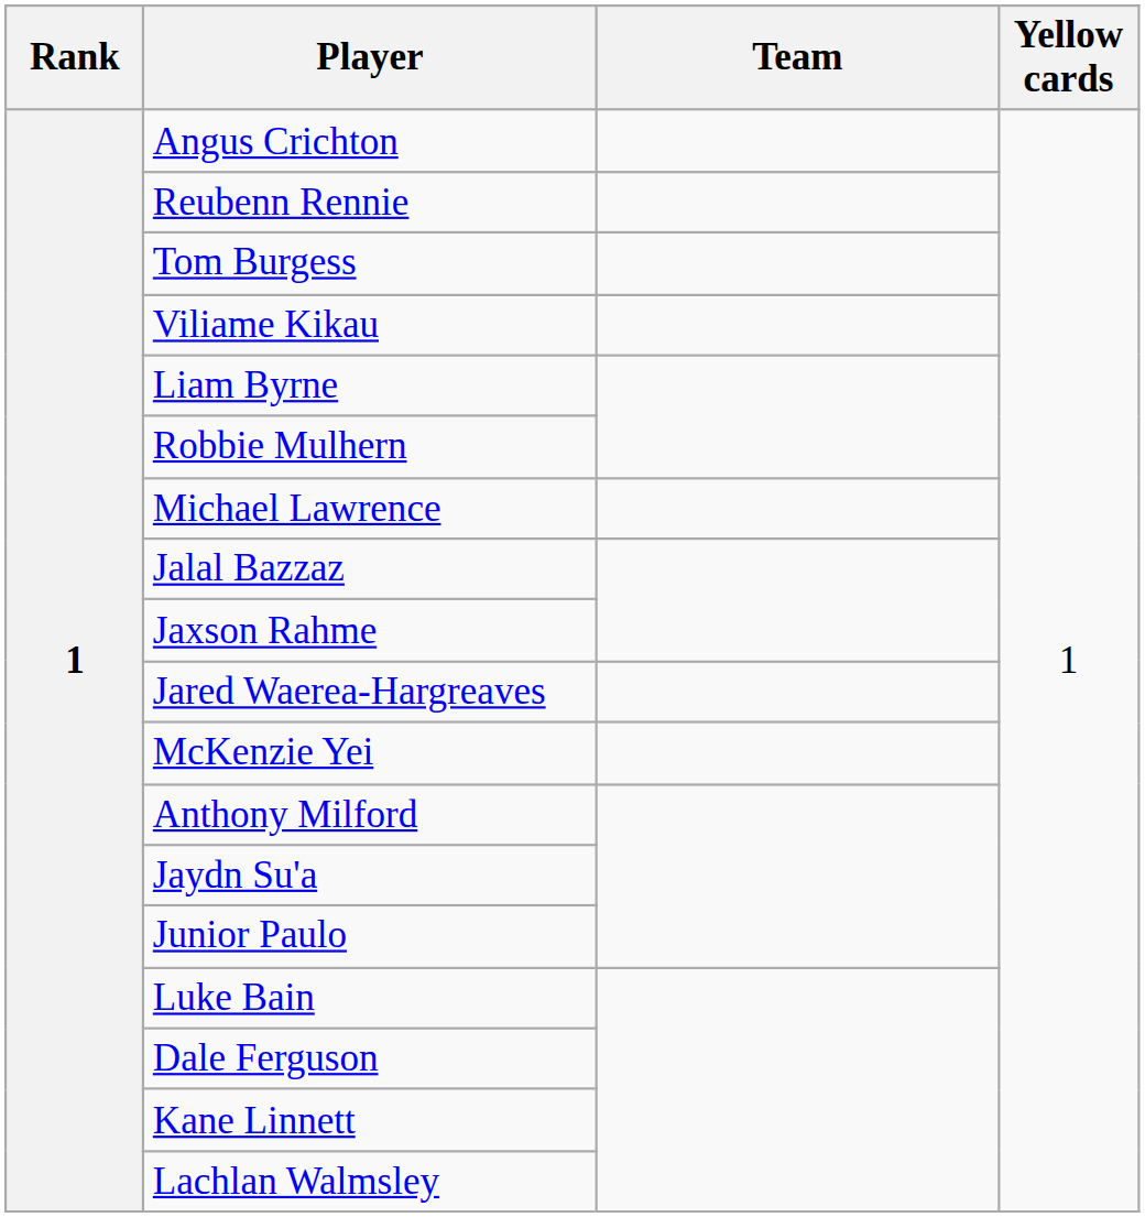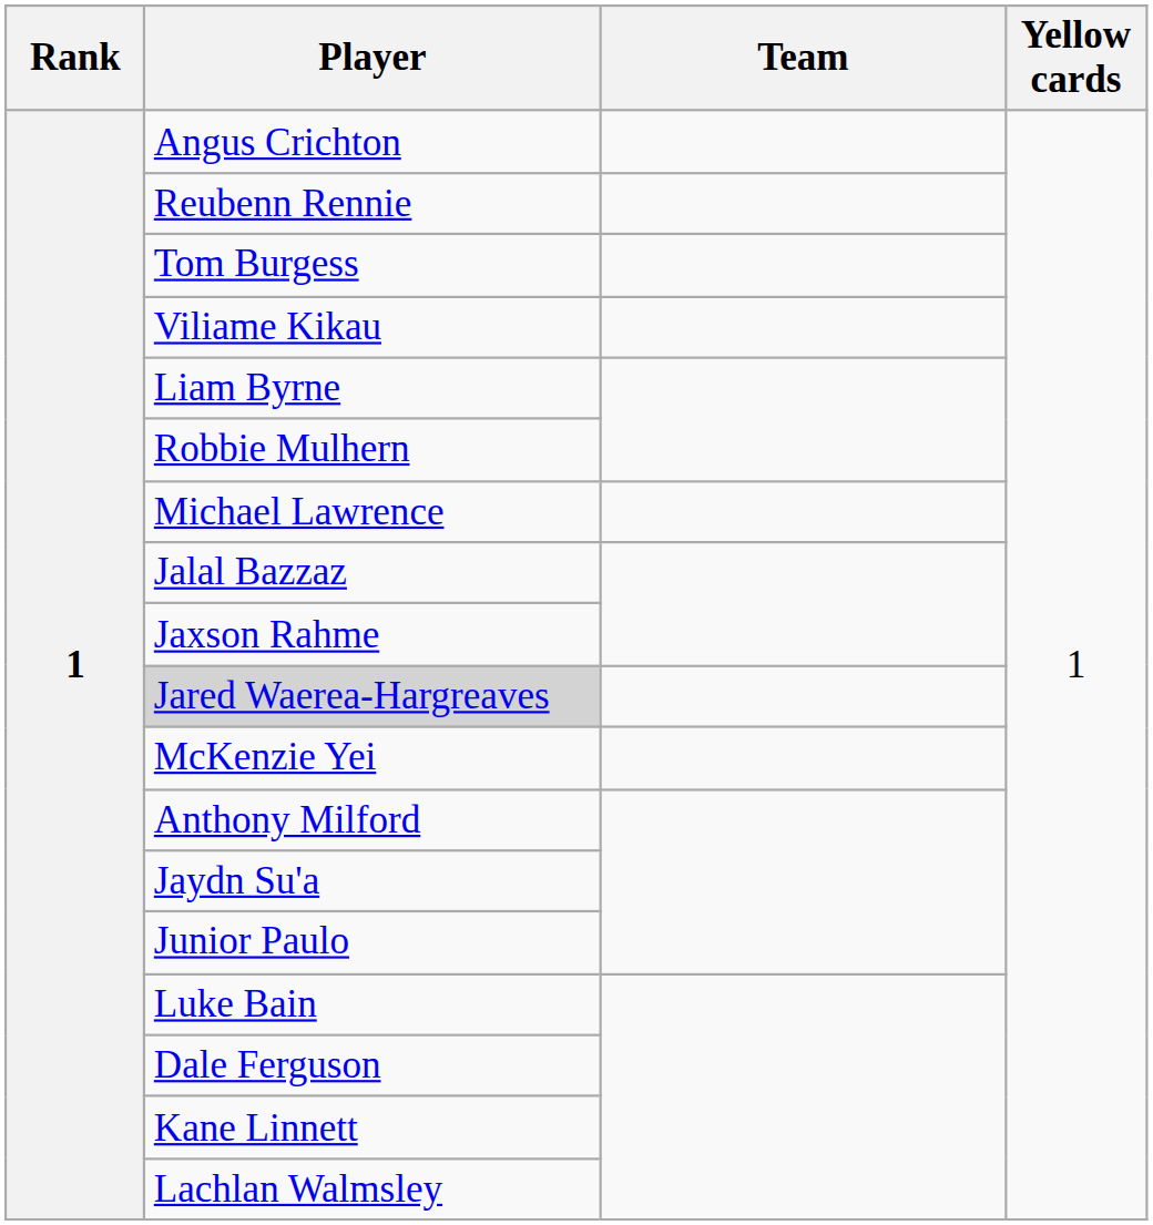 <table class="wikitable" style="text-align:center">
 <tr>
 <th style="width:50px">Rank</th>
 <th style="width:180px">Player</th>
 <th style="width:160px">Team</th>
 <th style="width:50px">Yellow cards</th>
 </tr>
 <tr>
 <th rowspan=18>1</th>
 <td align="left"><a href='#'>Angus Crichton</a></td>
 <td align="left"></td>
 <td rowspan=18>1</td>
 </tr>
 <tr>
 <td align="left"><a href='#'>Reubenn Rennie</a></td>
 <td align="left"></td>
 </tr>
 <tr>
 <td align="left"><a href='#'>Tom Burgess</a></td>
 <td align="left"></td>
 </tr>
 <tr>
 <td align="left"><a href='#'>Viliame Kikau</a></td>
 <td align="left"></td>
 </tr>
 <tr>
 <td align="left"><a href='#'>Liam Byrne</a></td>
 <td rowspan=2 align="left"></td>
 </tr>
 <tr>
 <td align="left"><a href='#'>Robbie Mulhern</a></td>
 </tr>
 <tr>
 <td align="left"><a href='#'>Michael Lawrence</a></td>
 <td align="left"></td>
 </tr>
 <tr>
 <td align="left"><a href='#'>Jalal Bazzaz</a></td>
 <td rowspan=2 align="left"></td>
 </tr>
 <tr>
 <td align="left"><a href='#'>Jaxson Rahme</a></td>
 </tr>
 <tr>
-<td align="left"><a href='#'>Jared Waerea-Hargreaves</a></td>
+<td align="left" style="background: lightgrey;"><a href='#'>Jared Waerea-Hargreaves</a></td>
 <td align="left"></td>
 </tr>
 <tr>
 <td align="left"><a href='#'>McKenzie Yei</a></td>
 <td align="left"></td>
 </tr>
 <tr>
 <td align="left"><a href='#'>Anthony Milford</a></td>
 <td rowspan=3 align="left"></td>
 </tr>
 <tr>
 <td align="left"><a href='#'>Jaydn Su'a</a></td>
 </tr>
 <tr>
 <td align="left"><a href='#'>Junior Paulo</a></td>
 </tr>
 <tr>
 <td align="left"><a href='#'>Luke Bain</a></td>
 <td rowspan=4 align="left"></td>
 </tr>
 <tr>
 <td align="left"><a href='#'>Dale Ferguson</a></td>
 </tr>
 <tr>
 <td align="left"><a href='#'>Kane Linnett</a></td>
 </tr>
 <tr>
 <td align="left"><a href='#'>Lachlan Walmsley</a></td>
 </tr>
 </table>
